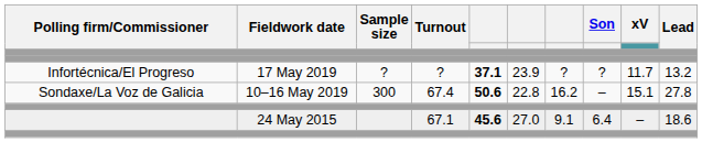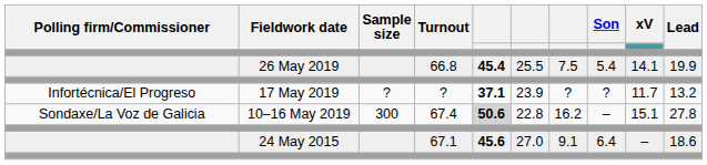 <table class="wikitable collapsible collapsed" style="text-align:center; font-size:95%; line-height:16px;">
 <tr style="height:42px;">
 <th style="width:250px;" rowspan="2">Polling firm/Commissioner</th>
 <th style="width:125px;" rowspan="2">Fieldwork date</th>
 <th style="width:50px;" rowspan="2">Sample size</th>
 <th style="width:45px;" rowspan="2">Turnout</th>
 <th style="width:35px;"></th>
 <th style="width:35px;"></th>
 <th style="width:35px;"></th>
 <th style="width:35px;"><a href='#'>Son</a></th>
 <th style="width:35px;">xV</th>
 <th style="width:30px;" rowspan="2">Lead</th>
 </tr>
 <tr>
 <th style="color:inherit;background:"></th>
 <th style="color:inherit;background:"></th>
 <th style="color:inherit;background:"></th>
 <th style="color:inherit;background:"></th>
 <th style="color:inherit;background:#4898A2;"></th>
 </tr>
 <tr>
 <td colspan="10" style="background:#A0A0A0"></td>
 </tr>
+<tr style="background:#EFEFEF;">
+<td><strong></strong></td>
+<td>26 May 2019</td>
+<td></td>
+<td>66.8</td>
+<td><strong>45.4</strong><br></td>
+<td>25.5<br></td>
+<td>7.5<br></td>
+<td>5.4<br></td>
+<td>14.1<br></td>
+<td style="background:">19.9</td>
+</tr>
 <tr>
 <td colspan="10" style="background:#A0A0A0"></td>
 </tr>
 <tr>
 <td>Infortécnica/El Progreso</td>
 <td>17 May 2019</td>
 <td>?</td>
 <td>?</td>
 <td><strong>37.1</strong><br></td>
 <td>23.9<br></td>
 <td>?<br></td>
 <td>?<br></td>
 <td>11.7<br></td>
 <td style="background:">13.2</td>
 </tr>
 <tr>
 <td>Sondaxe/La Voz de Galicia</td>
 <td>10–16 May 2019</td>
 <td>300</td>
 <td>67.4</td>
-<td><strong>50.6</strong><br></td>
+<td style="background: lightgrey;"><strong>50.6</strong><br></td>
 <td>22.8<br></td>
 <td>16.2<br></td>
 <td>–</td>
 <td>15.1<br></td>
 <td style="background:">27.8</td>
 </tr>
 <tr>
 <td colspan="10" style="background:#A0A0A0"></td>
 </tr>
 <tr style="background:#EFEFEF;">
 <td><strong></strong></td>
 <td>24 May 2015</td>
 <td></td>
 <td>67.1</td>
 <td><strong>45.6</strong><br></td>
 <td>27.0<br></td>
 <td>9.1<br></td>
 <td>6.4<br></td>
 <td>–</td>
 <td style="background:">18.6</td>
 </tr>
 <tr>
 <td colspan="10" style="background:#A0A0A0"></td>
 </tr>
 </table>
